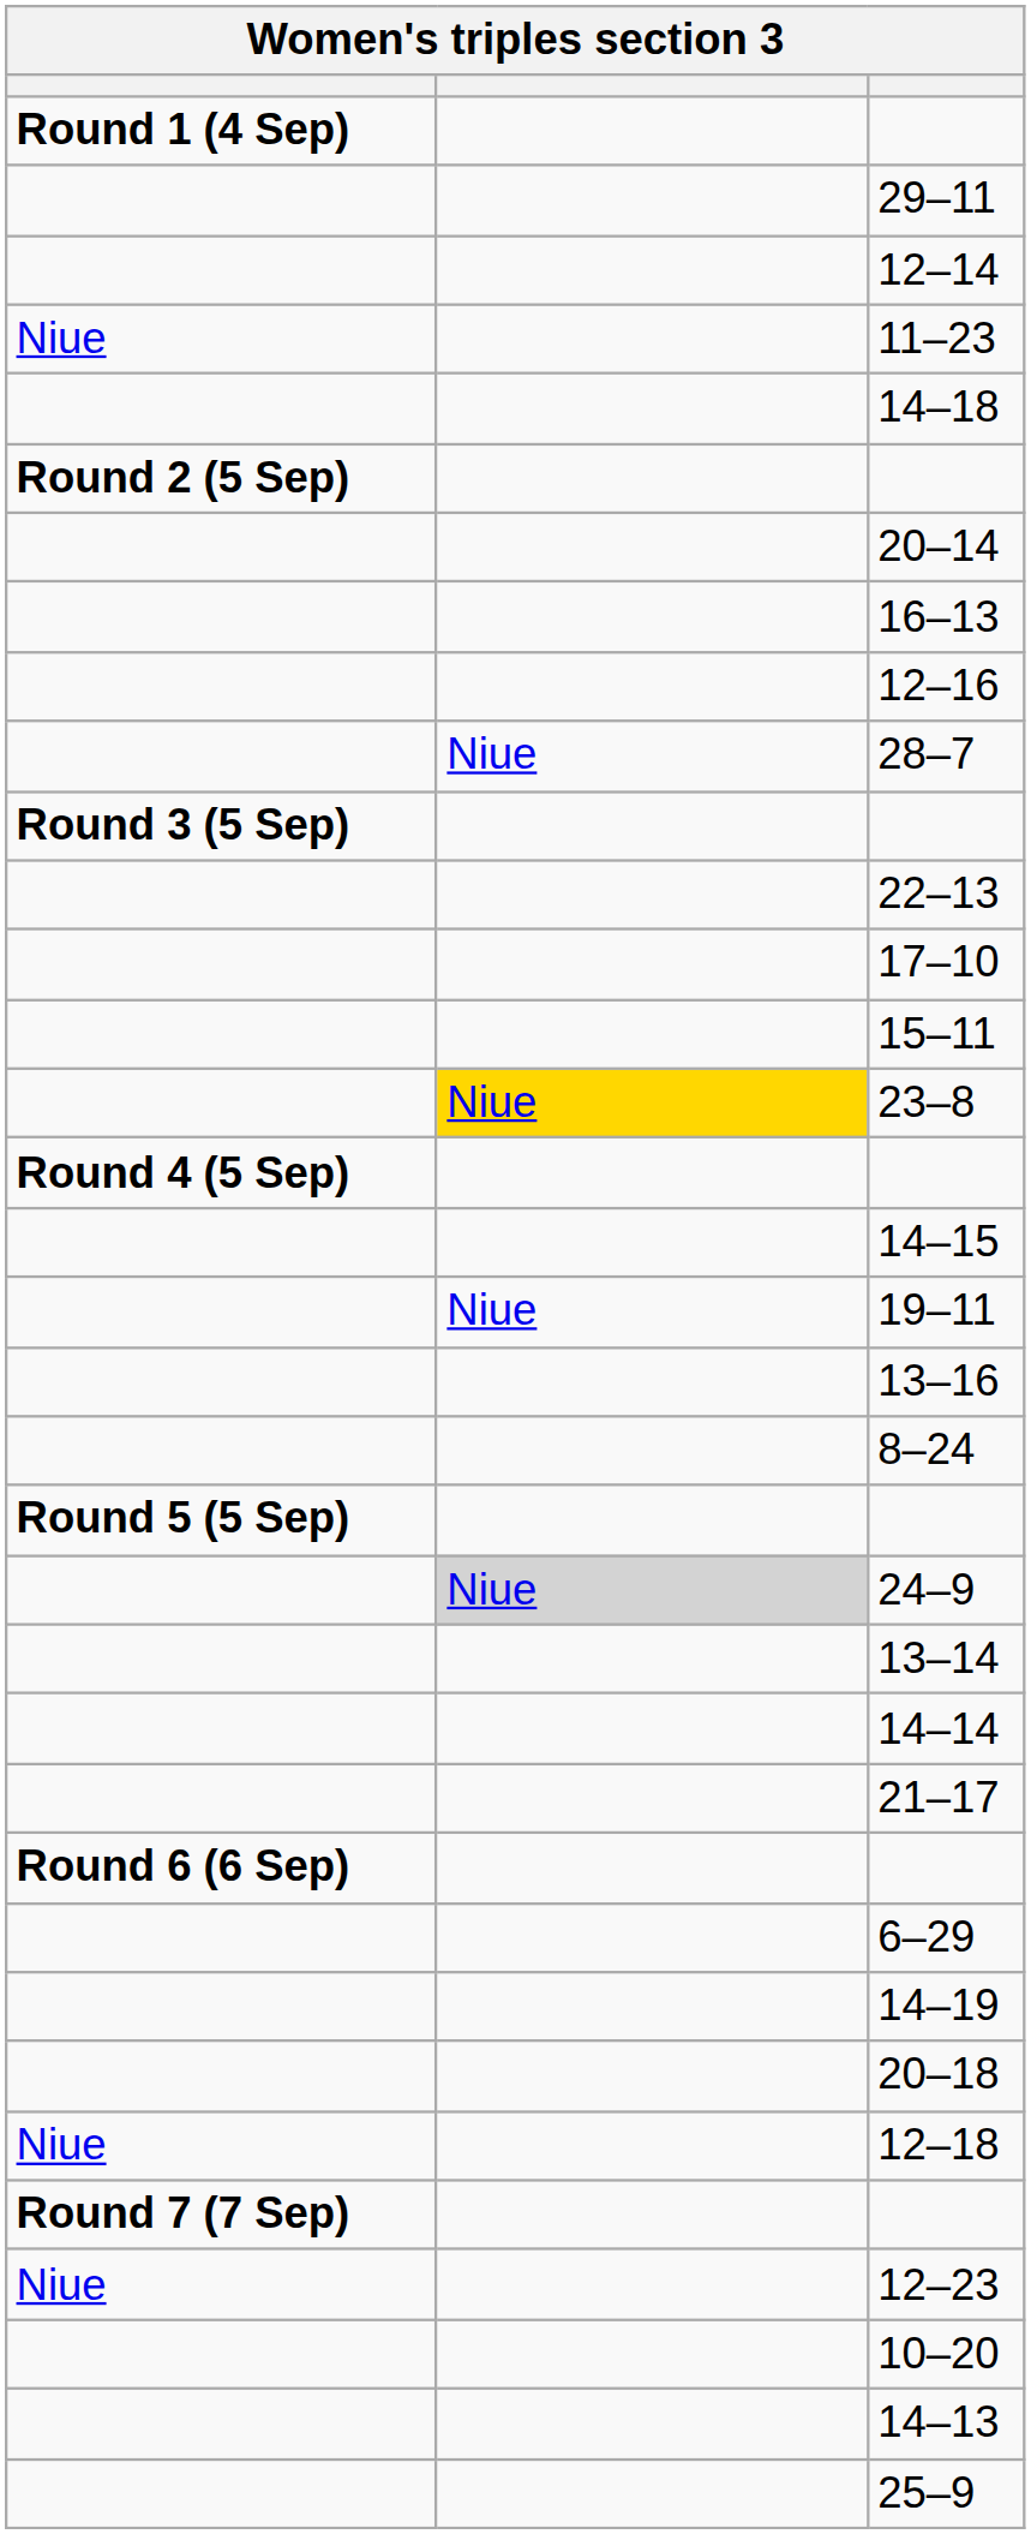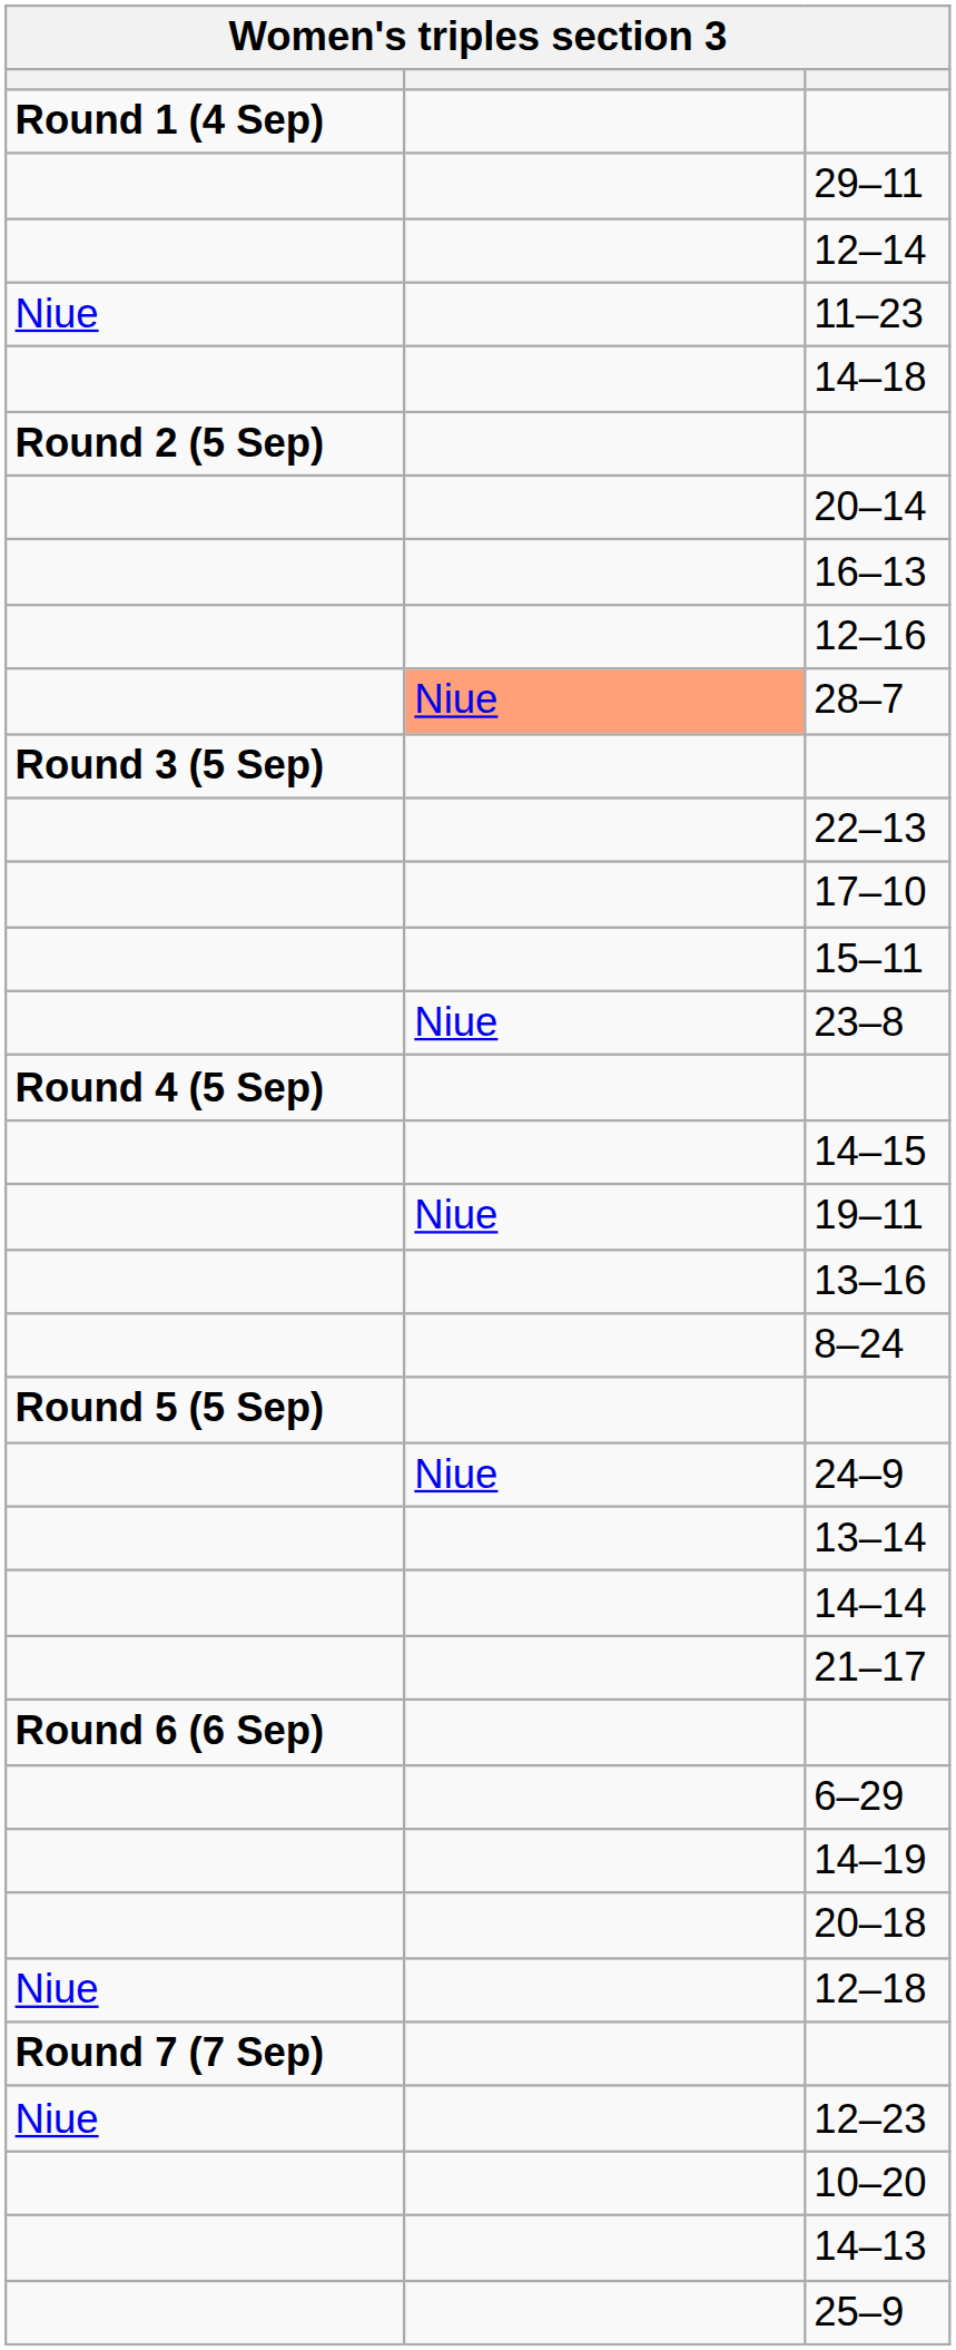 <table class="wikitable">
 <tr>
 <th colspan="3">Women's triples section 3</th>
 </tr>
 <tr>
 <th width=150></th>
 <th width=150></th>
 <th width=50></th>
 </tr>
 <tr>
 <td><strong>Round 1 (4 Sep)</strong></td>
 <td></td>
 <td></td>
 </tr>
 <tr>
 <td></td>
 <td></td>
 <td>29–11</td>
 </tr>
 <tr>
 <td></td>
 <td></td>
 <td>12–14</td>
 </tr>
 <tr>
 <td> <a href='#'>Niue</a></td>
 <td></td>
 <td>11–23</td>
 </tr>
 <tr>
 <td></td>
 <td></td>
 <td>14–18</td>
 </tr>
 <tr>
 <td><strong>Round 2 (5 Sep)</strong></td>
 <td></td>
 <td></td>
 </tr>
 <tr>
 <td></td>
 <td></td>
 <td>20–14</td>
 </tr>
 <tr>
 <td></td>
 <td></td>
 <td>16–13</td>
 </tr>
 <tr>
 <td></td>
 <td></td>
 <td>12–16</td>
 </tr>
 <tr>
 <td></td>
-<td> <a href='#'>Niue</a></td>
+<td style="background: lightsalmon;"> <a href='#'>Niue</a></td>
 <td>28–7</td>
 </tr>
 <tr>
 <td><strong>Round 3 (5 Sep)</strong></td>
 <td></td>
 <td></td>
 </tr>
 <tr>
 <td></td>
 <td></td>
 <td>22–13</td>
 </tr>
 <tr>
 <td></td>
 <td></td>
 <td>17–10</td>
 </tr>
 <tr>
 <td></td>
 <td></td>
 <td>15–11</td>
 </tr>
 <tr>
 <td></td>
-<td style="background: gold;"> <a href='#'>Niue</a></td>
+<td> <a href='#'>Niue</a></td>
 <td>23–8</td>
 </tr>
 <tr>
 <td><strong>Round 4 (5 Sep)</strong></td>
 <td></td>
 <td></td>
 </tr>
 <tr>
 <td></td>
 <td></td>
 <td>14–15</td>
 </tr>
 <tr>
 <td></td>
 <td> <a href='#'>Niue</a></td>
 <td>19–11</td>
 </tr>
 <tr>
 <td></td>
 <td></td>
 <td>13–16</td>
 </tr>
 <tr>
 <td></td>
 <td></td>
 <td>8–24</td>
 </tr>
 <tr>
 <td><strong>Round 5 (5 Sep)</strong></td>
 <td></td>
 <td></td>
 </tr>
 <tr>
 <td></td>
-<td style="background: lightgrey;"> <a href='#'>Niue</a></td>
+<td> <a href='#'>Niue</a></td>
 <td>24–9</td>
 </tr>
 <tr>
 <td></td>
 <td></td>
 <td>13–14</td>
 </tr>
 <tr>
 <td></td>
 <td></td>
 <td>14–14</td>
 </tr>
 <tr>
 <td></td>
 <td></td>
 <td>21–17</td>
 </tr>
 <tr>
 <td><strong>Round 6  (6 Sep)</strong></td>
 <td></td>
 <td></td>
 </tr>
 <tr>
 <td></td>
 <td></td>
 <td>6–29</td>
 </tr>
 <tr>
 <td></td>
 <td></td>
 <td>14–19</td>
 </tr>
 <tr>
 <td></td>
 <td></td>
 <td>20–18</td>
 </tr>
 <tr>
 <td> <a href='#'>Niue</a></td>
 <td></td>
 <td>12–18</td>
 </tr>
 <tr>
 <td><strong>Round 7 (7 Sep)</strong></td>
 <td></td>
 <td></td>
 </tr>
 <tr>
 <td> <a href='#'>Niue</a></td>
 <td></td>
 <td>12–23</td>
 </tr>
 <tr>
 <td></td>
 <td></td>
 <td>10–20</td>
 </tr>
 <tr>
 <td></td>
 <td></td>
 <td>14–13</td>
 </tr>
 <tr>
 <td></td>
 <td></td>
 <td>25–9</td>
 </tr>
 </table>
